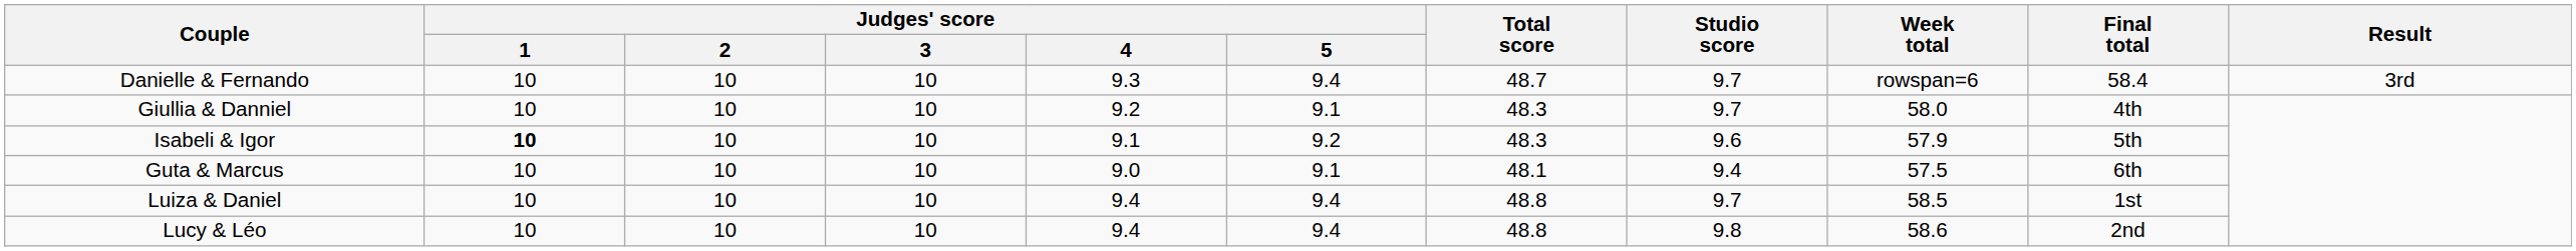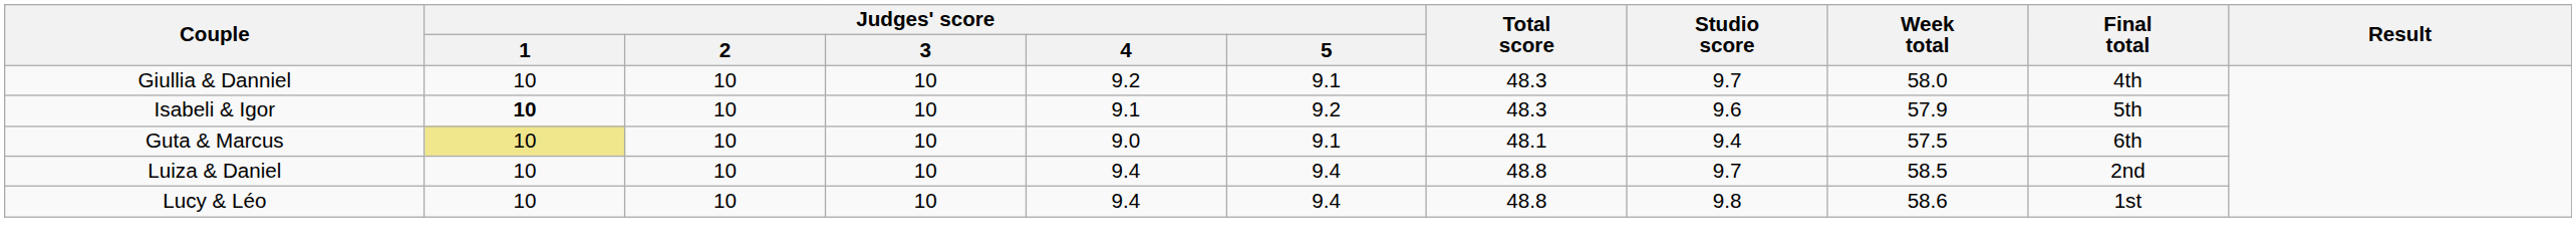 <table class="wikitable" style="font-size:100%; line-height:16px; text-align:center" width="100%">
 <tr>
 <th rowspan=2 width="11.00%">Couple</th>
 <th colspan=5>Judges' score</th>
 <th rowspan=2 width="05.25%">Total<br>score</th>
 <th rowspan=2 width="05.25%">Studio<br>score</th>
 <th rowspan=2 width="05.25%">Week<br>total</th>
 <th rowspan=2 width="05.25%">Final<br>total</th>
 <th rowspan=2 width="09.00%">Result</th>
 </tr>
 <tr>
 <th width="05.25%">1</th>
 <th width="05.25%">2</th>
 <th width="05.25%">3</th>
 <th width="05.25%">4</th>
 <th width="05.25%">5</th>
-</tr>
-<tr>
-<td>Danielle & Fernando</td>
-<td>10</td>
-<td>10</td>
-<td>10</td>
-<td>9.3</td>
-<td>9.4</td>
-<td>48.7</td>
-<td>9.7</td>
-<td>rowspan=6 </td>
-<td>58.4</td>
-<td>3rd</td>
 </tr>
 <tr>
 <td>Giullia & Danniel</td>
 <td>10</td>
 <td>10</td>
 <td>10</td>
 <td>9.2</td>
 <td>9.1</td>
 <td>48.3</td>
 <td>9.7</td>
 <td>58.0</td>
 <td>4th</td>
 </tr>
 <tr>
 <td>Isabeli & Igor</td>
 <td><strong>10</strong></td>
 <td>10</td>
 <td>10</td>
 <td>9.1</td>
 <td>9.2</td>
 <td>48.3</td>
 <td>9.6</td>
 <td>57.9</td>
 <td>5th</td>
 </tr>
 <tr>
 <td>Guta & Marcus</td>
-<td>10</td>
+<td style="background: khaki;">10</td>
 <td>10</td>
 <td>10</td>
 <td>9.0</td>
 <td>9.1</td>
 <td>48.1</td>
 <td>9.4</td>
 <td>57.5</td>
 <td>6th</td>
 </tr>
 <tr>
 <td>Luiza & Daniel</td>
 <td>10</td>
 <td>10</td>
 <td>10</td>
 <td>9.4</td>
 <td>9.4</td>
 <td>48.8</td>
 <td>9.7</td>
 <td>58.5</td>
-<td>1st</td>
+<td>2nd</td>
 </tr>
 <tr>
 <td>Lucy & Léo</td>
 <td>10</td>
 <td>10</td>
 <td>10</td>
 <td>9.4</td>
 <td>9.4</td>
 <td>48.8</td>
 <td>9.8</td>
 <td>58.6</td>
-<td>2nd</td>
+<td>1st</td>
 </tr>
 </table>
